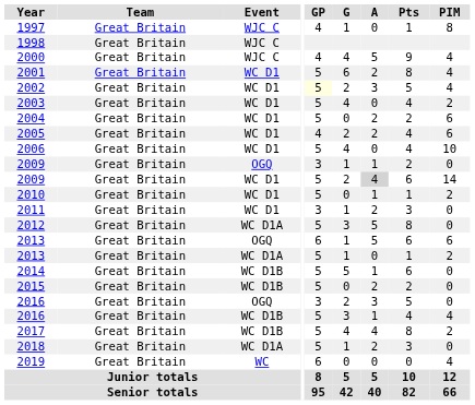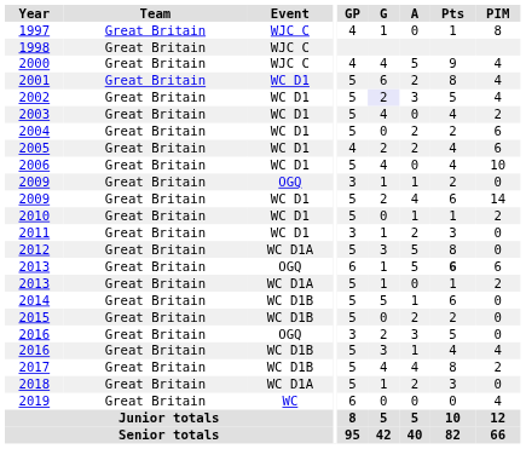 <table border="0" cellpadding="1" cellspacing="0" ID="Table3" style="text-align:center; width:40em">
 <tr ALIGN="center" bgcolor="#e0e0e0">
 <th>Year</th>
 <th>Team</th>
 <th>Event</th>
 <th rowspan="99" bgcolor="#ffffff"></th>
 <th>GP</th>
 <th>G</th>
 <th>A</th>
 <th>Pts</th>
 <th>PIM</th>
 </tr>
 <tr>
 <td><a href='#'>1997</a></td>
 <td><a href='#'>Great Britain</a></td>
 <td><a href='#'>WJC C</a></td>
 <td>4</td>
 <td>1</td>
 <td>0</td>
 <td>1</td>
 <td>8</td>
 </tr>
 <tr bgcolor="#f0f0f0">
 <td><a href='#'>1998</a></td>
 <td>Great Britain</td>
 <td>WJC C</td>
 <td></td>
 <td></td>
 <td></td>
 <td></td>
 <td></td>
 </tr>
 <tr>
 <td><a href='#'>2000</a></td>
 <td>Great Britain</td>
 <td>WJC C</td>
 <td>4</td>
 <td>4</td>
 <td>5</td>
 <td>9</td>
 <td>4</td>
 </tr>
 <tr bgcolor="#f0f0f0">
 <td><a href='#'>2001</a></td>
 <td><a href='#'>Great Britain</a></td>
 <td><a href='#'>WC D1</a></td>
 <td>5</td>
 <td>6</td>
 <td>2</td>
 <td>8</td>
 <td>4</td>
 </tr>
 <tr>
 <td><a href='#'>2002</a></td>
 <td>Great Britain</td>
 <td>WC D1</td>
-<td style="background: lightyellow;">5</td>
-<td>2</td>
+<td>5</td>
+<td style="background: lavender;">2</td>
 <td>3</td>
 <td>5</td>
 <td>4</td>
 </tr>
 <tr bgcolor="#f0f0f0">
 <td><a href='#'>2003</a></td>
 <td>Great Britain</td>
 <td>WC D1</td>
 <td>5</td>
 <td>4</td>
 <td>0</td>
 <td>4</td>
 <td>2</td>
 </tr>
 <tr>
 <td><a href='#'>2004</a></td>
 <td>Great Britain</td>
 <td>WC D1</td>
 <td>5</td>
 <td>0</td>
 <td>2</td>
 <td>2</td>
 <td>6</td>
 </tr>
 <tr bgcolor="#f0f0f0">
 <td><a href='#'>2005</a></td>
 <td>Great Britain</td>
 <td>WC D1</td>
 <td>4</td>
 <td>2</td>
 <td>2</td>
 <td>4</td>
 <td>6</td>
 </tr>
 <tr>
 <td><a href='#'>2006</a></td>
 <td>Great Britain</td>
 <td>WC D1</td>
 <td>5</td>
 <td>4</td>
 <td>0</td>
 <td>4</td>
 <td>10</td>
 </tr>
 <tr bgcolor="#f0f0f0">
 <td><a href='#'>2009</a></td>
 <td>Great Britain</td>
 <td><a href='#'>OGQ</a></td>
 <td>3</td>
 <td>1</td>
 <td>1</td>
 <td>2</td>
 <td>0</td>
 </tr>
 <tr>
 <td><a href='#'>2009</a></td>
 <td>Great Britain</td>
 <td>WC D1</td>
 <td>5</td>
 <td>2</td>
-<td style="background: lightgrey;">4</td>
+<td>4</td>
 <td>6</td>
 <td>14</td>
 </tr>
 <tr bgcolor="#f0f0f0">
 <td><a href='#'>2010</a></td>
 <td>Great Britain</td>
 <td>WC D1</td>
 <td>5</td>
 <td>0</td>
 <td>1</td>
 <td>1</td>
 <td>2</td>
 </tr>
 <tr>
 <td><a href='#'>2011</a></td>
 <td>Great Britain</td>
 <td>WC D1</td>
 <td>3</td>
 <td>1</td>
 <td>2</td>
 <td>3</td>
 <td>0</td>
 </tr>
 <tr bgcolor="#f0f0f0">
 <td><a href='#'>2012</a></td>
 <td>Great Britain</td>
 <td>WC D1A</td>
 <td>5</td>
 <td>3</td>
 <td>5</td>
 <td>8</td>
 <td>0</td>
 </tr>
 <tr>
 <td><a href='#'>2013</a></td>
 <td>Great Britain</td>
 <td>OGQ</td>
 <td>6</td>
 <td>1</td>
 <td>5</td>
-<td>6</td>
+<td><strong>6</strong></td>
 <td>6</td>
 </tr>
 <tr bgcolor="#f0f0f0">
 <td><a href='#'>2013</a></td>
 <td>Great Britain</td>
 <td>WC D1A</td>
 <td>5</td>
 <td>1</td>
 <td>0</td>
 <td>1</td>
 <td>2</td>
 </tr>
 <tr>
 <td><a href='#'>2014</a></td>
 <td>Great Britain</td>
 <td>WC D1B</td>
 <td>5</td>
 <td>5</td>
 <td>1</td>
 <td>6</td>
 <td>0</td>
 </tr>
 <tr bgcolor="#f0f0f0">
 <td><a href='#'>2015</a></td>
 <td>Great Britain</td>
 <td>WC D1B</td>
 <td>5</td>
 <td>0</td>
 <td>2</td>
 <td>2</td>
 <td>0</td>
 </tr>
 <tr>
 <td><a href='#'>2016</a></td>
 <td>Great Britain</td>
 <td>OGQ</td>
 <td>3</td>
 <td>2</td>
 <td>3</td>
 <td>5</td>
 <td>0</td>
 </tr>
 <tr bgcolor="#f0f0f0">
 <td><a href='#'>2016</a></td>
 <td>Great Britain</td>
 <td>WC D1B</td>
 <td>5</td>
 <td>3</td>
 <td>1</td>
 <td>4</td>
 <td>4</td>
 </tr>
 <tr>
 <td><a href='#'>2017</a></td>
 <td>Great Britain</td>
 <td>WC D1B</td>
 <td>5</td>
 <td>4</td>
 <td>4</td>
 <td>8</td>
 <td>2</td>
 </tr>
 <tr bgcolor="#f0f0f0">
 <td><a href='#'>2018</a></td>
 <td>Great Britain</td>
 <td>WC D1A</td>
 <td>5</td>
 <td>1</td>
 <td>2</td>
 <td>3</td>
 <td>0</td>
 </tr>
 <tr>
 <td><a href='#'>2019</a></td>
 <td>Great Britain</td>
 <td><a href='#'>WC</a></td>
 <td>6</td>
 <td>0</td>
 <td>0</td>
 <td>0</td>
 <td>4</td>
 </tr>
 <tr bgcolor="#e0e0e0">
 <th colspan="3">Junior totals</th>
 <th>8</th>
 <th>5</th>
 <th>5</th>
 <th>10</th>
 <th>12</th>
 </tr>
 <tr bgcolor="#e0e0e0">
 <th colspan="3">Senior totals</th>
 <th>95</th>
 <th>42</th>
 <th>40</th>
 <th>82</th>
 <th>66</th>
 </tr>
 </table>
